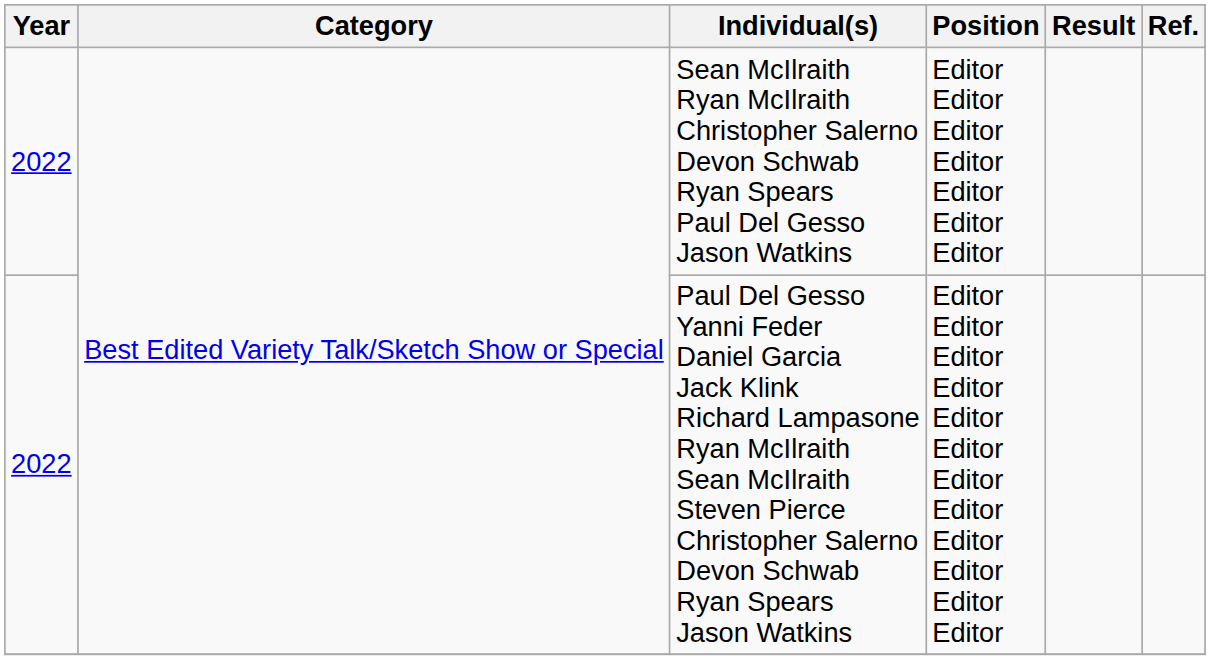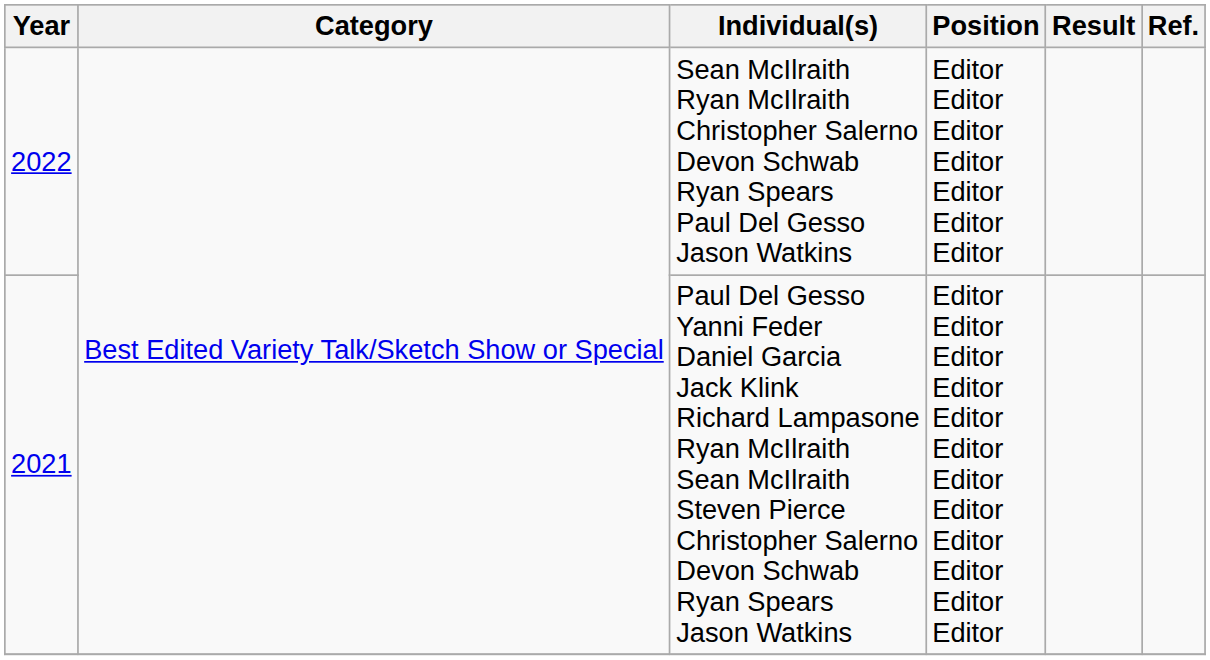 <table class="wikitable">
 <tr>
 <th>Year</th>
 <th>Category</th>
 <th>Individual(s)</th>
 <th>Position</th>
 <th>Result</th>
 <th>Ref.</th>
 </tr>
 <tr>
 <td><a href='#'>2022</a></td>
 <td rowspan="2"><a href='#'>Best Edited Variety Talk/Sketch Show or Special</a></td>
 <td>Sean McIlraith <br> Ryan McIlraith <br> Christopher Salerno <br> Devon Schwab <br> Ryan Spears <br> Paul Del Gesso <br> Jason Watkins</td>
 <td>Editor <br> Editor <br> Editor <br> Editor <br> Editor <br> Editor <br> Editor</td>
 <td></td>
 <td align="center"></td>
 </tr>
 <tr>
-<td><a href='#'>2022</a></td>
+<td><a href='#'>2021</a></td>
 <td>Paul Del Gesso <br> Yanni Feder <br> Daniel Garcia <br> Jack Klink <br> Richard Lampasone <br> Ryan McIlraith <br> Sean McIlraith <br> Steven Pierce <br> Christopher Salerno <br> Devon Schwab <br> Ryan Spears <br> Jason Watkins</td>
 <td>Editor <br> Editor <br> Editor <br> Editor <br> Editor <br> Editor <br> Editor <br> Editor <br> Editor <br> Editor <br> Editor <br> Editor</td>
 <td></td>
 <td align="center"></td>
 </tr>
 <tr>
 </tr>
 </table>
